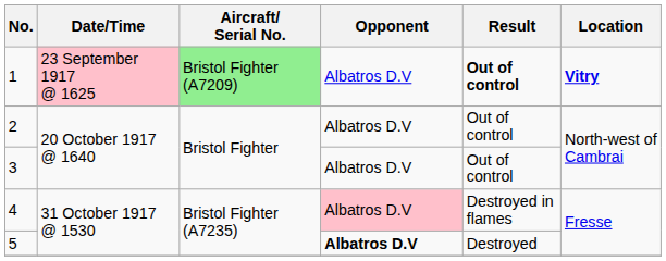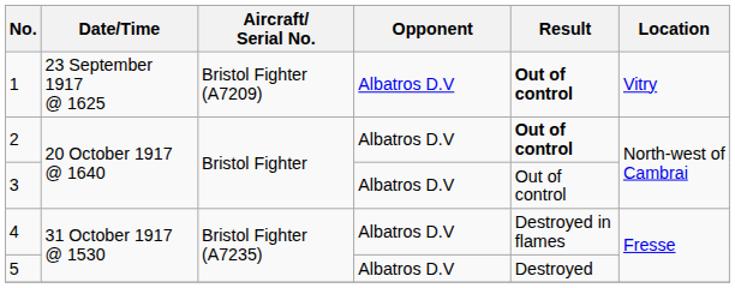 <table class="wikitable" style="font-size:90%;">
 <tr>
 </tr>
 <tr>
 <th>No.</th>
 <th width="125">Date/Time</th>
 <th width="125">Aircraft/<br>Serial No.</th>
 <th width="125">Opponent</th>
 <th>Result</th>
 <th>Location</th>
 </tr>
 <tr>
 <td>1</td>
-<td style="background: pink;">23 September 1917<br>@ 1625</td>
-<td style="background: lightgreen;">Bristol Fighter<br>(A7209)</td>
+<td>23 September 1917<br>@ 1625</td>
+<td>Bristol Fighter<br>(A7209)</td>
 <td><a href='#'>Albatros D.V</a></td>
 <td><strong>Out of control</strong></td>
-<td><strong><a href='#'>Vitry</a></strong></td>
+<td><a href='#'>Vitry</a></td>
 </tr>
 <tr>
 <td>2</td>
 <td rowspan="2">20 October 1917<br>@ 1640</td>
 <td rowspan="2">Bristol Fighter</td>
 <td>Albatros D.V</td>
-<td>Out of control</td>
+<td><strong>Out of control</strong></td>
 <td rowspan="2">North-west of <a href='#'>Cambrai</a></td>
 </tr>
 <tr>
 <td>3</td>
 <td>Albatros D.V</td>
 <td>Out of control</td>
 </tr>
 <tr>
 <td>4</td>
 <td rowspan="2">31 October 1917<br>@ 1530</td>
 <td rowspan="2">Bristol Fighter<br>(A7235)</td>
-<td style="background: pink;">Albatros D.V</td>
+<td>Albatros D.V</td>
 <td>Destroyed in flames</td>
 <td rowspan="2"><a href='#'>Fresse</a></td>
 </tr>
 <tr>
 <td>5</td>
-<td><strong>Albatros D.V</strong></td>
+<td>Albatros D.V</td>
 <td>Destroyed</td>
 </tr>
 <tr>
 </tr>
 </table>
